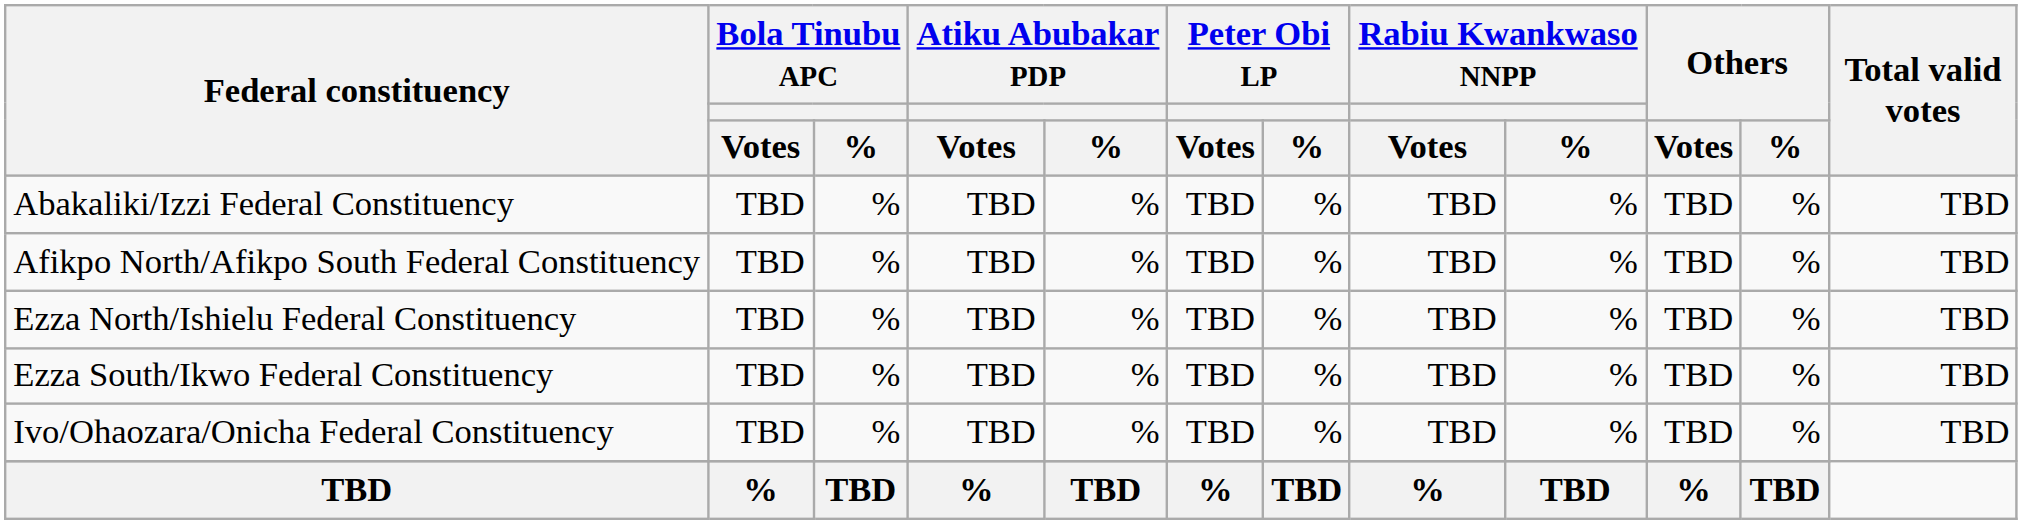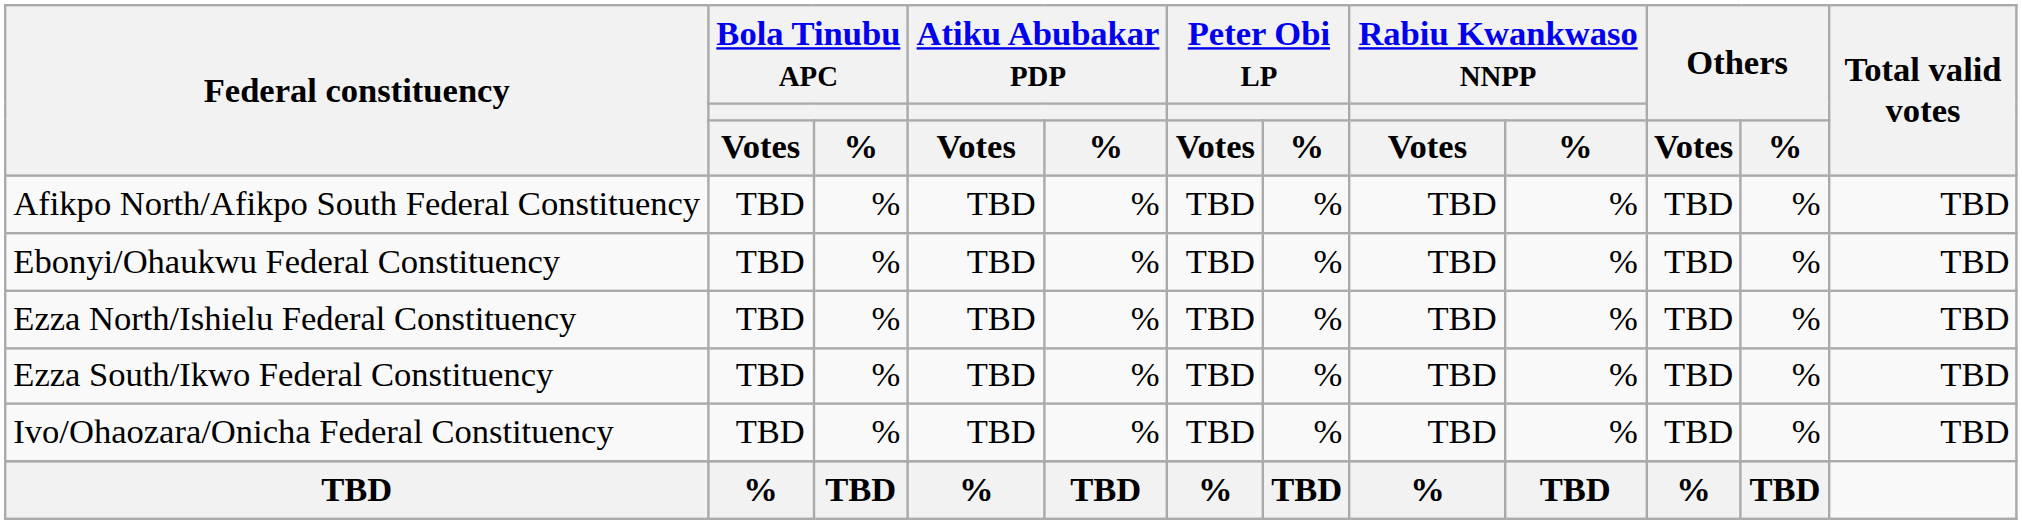 <table class="wikitable sortable" style="text-align:right; font-size:90%">
 <tr>
 <th rowspan="3" style="max-width:7.5em;">Federal constituency</th>
 <th colspan="2"><a href='#'>Bola Tinubu</a><br><small>APC</small></th>
 <th colspan="2"><a href='#'>Atiku Abubakar</a><br><small>PDP</small></th>
 <th colspan="2"><a href='#'>Peter Obi</a><br><small>LP</small></th>
 <th colspan="2"><a href='#'>Rabiu Kwankwaso</a><br><small>NNPP</small></th>
 <th colspan="2" rowspan="2">Others</th>
 <th rowspan="3" style="max-width:5em;">Total valid votes</th>
 </tr>
 <tr>
 <th colspan=2 style="background-color:"></th>
 <th colspan=2 style="background-color:"></th>
 <th colspan=2 style="background-color:"></th>
 <th colspan=2 style="background-color:"></th>
 </tr>
 <tr>
 <th>Votes</th>
 <th>%</th>
 <th>Votes</th>
 <th>%</th>
 <th>Votes</th>
 <th>%</th>
 <th>Votes</th>
 <th>%</th>
 <th>Votes</th>
 <th>%</th>
 </tr>
 <tr style="background-color:#">
-<td style="text-align:left;">Abakaliki/Izzi Federal Constituency</td>
+<td style="text-align:left;">Afikpo North/Afikpo South Federal Constituency</td>
 <td>TBD</td>
 <td>%</td>
 <td>TBD</td>
 <td>%</td>
 <td>TBD</td>
 <td>%</td>
 <td>TBD</td>
 <td>%</td>
 <td>TBD</td>
 <td>%</td>
 <td>TBD</td>
 </tr>
 <tr style="background-color:#">
-<td style="text-align:left;">Afikpo North/Afikpo South Federal Constituency</td>
+<td style="text-align:left;">Ebonyi/Ohaukwu Federal Constituency</td>
 <td>TBD</td>
 <td>%</td>
 <td>TBD</td>
 <td>%</td>
 <td>TBD</td>
 <td>%</td>
 <td>TBD</td>
 <td>%</td>
 <td>TBD</td>
 <td>%</td>
 <td>TBD</td>
 </tr>
 <tr style="background-color:#">
 <td style="text-align:left;">Ezza North/Ishielu Federal Constituency</td>
 <td>TBD</td>
 <td>%</td>
 <td>TBD</td>
 <td>%</td>
 <td>TBD</td>
 <td>%</td>
 <td>TBD</td>
 <td>%</td>
 <td>TBD</td>
 <td>%</td>
 <td>TBD</td>
 </tr>
 <tr style="background-color:#">
 <td style="text-align:left;">Ezza South/Ikwo Federal Constituency</td>
 <td>TBD</td>
 <td>%</td>
 <td>TBD</td>
 <td>%</td>
 <td>TBD</td>
 <td>%</td>
 <td>TBD</td>
 <td>%</td>
 <td>TBD</td>
 <td>%</td>
 <td>TBD</td>
 </tr>
 <tr style="background-color:#">
 <td style="text-align:left;">Ivo/Ohaozara/Onicha Federal Constituency</td>
 <td>TBD</td>
 <td>%</td>
 <td>TBD</td>
 <td>%</td>
 <td>TBD</td>
 <td>%</td>
 <td>TBD</td>
 <td>%</td>
 <td>TBD</td>
 <td>%</td>
 <td>TBD</td>
 </tr>
 <tr>
 </tr>
 <tr>
 <th>TBD</th>
 <th>%</th>
 <th>TBD</th>
 <th>%</th>
 <th>TBD</th>
 <th>%</th>
 <th>TBD</th>
 <th>%</th>
 <th>TBD</th>
 <th>%</th>
 <th>TBD</th>
 </tr>
 </table>
